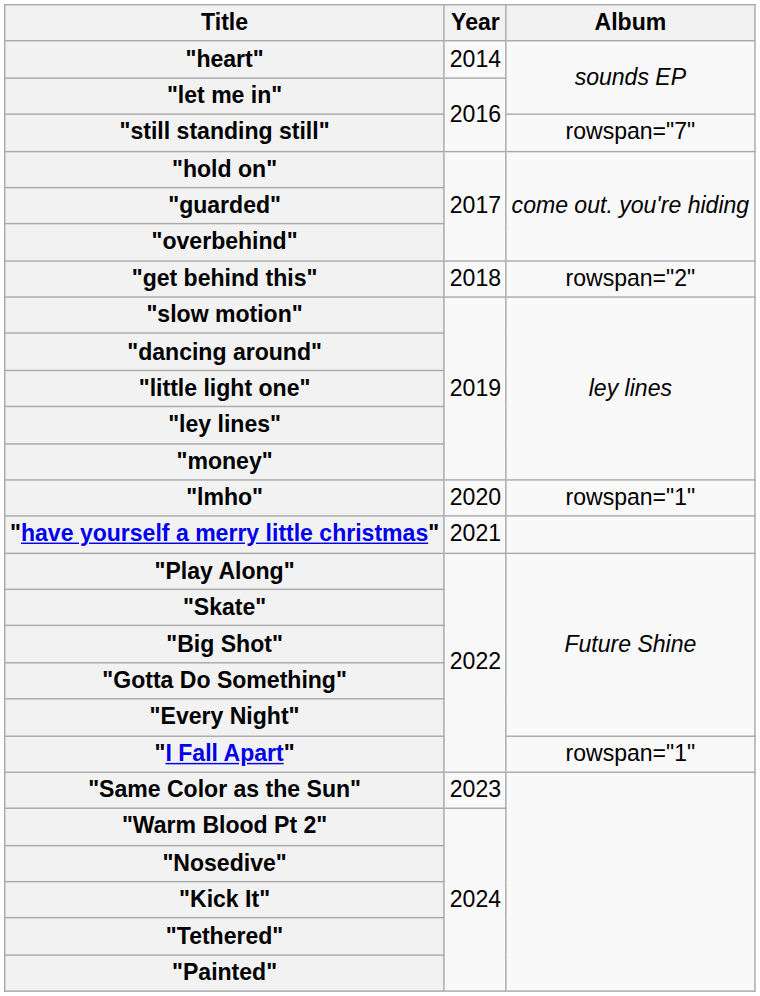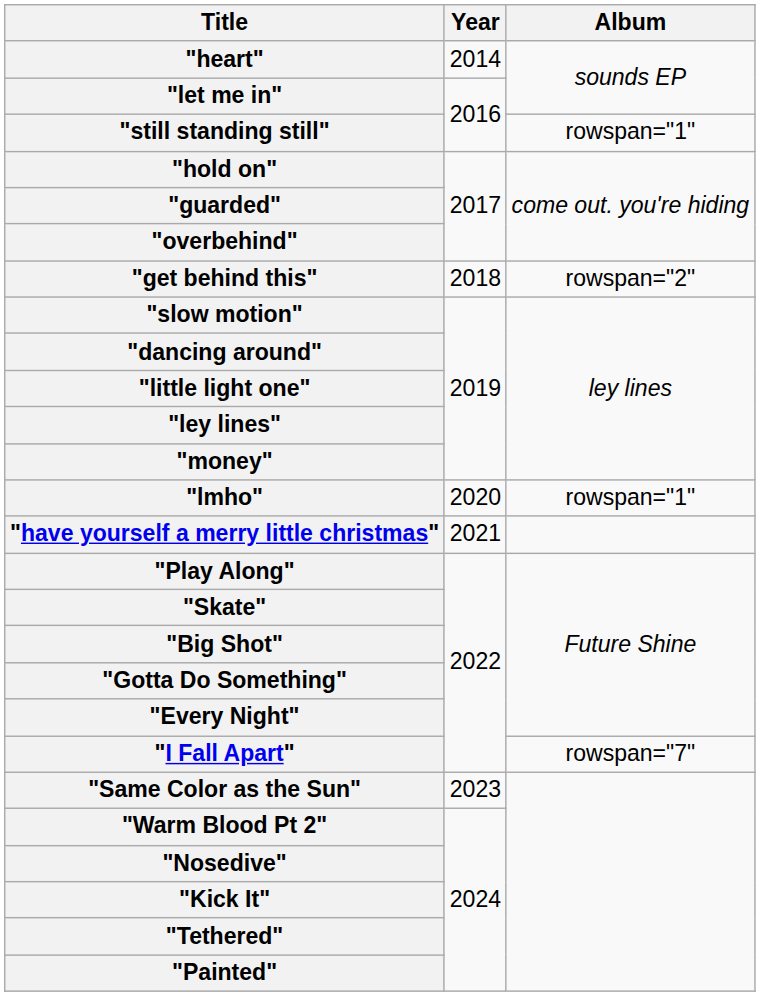 <table class="wikitable plainrowheaders" style="text-align:center;">
 <tr>
 <th scope="col">Title</th>
 <th scope="col">Year</th>
 <th scope="col">Album</th>
 </tr>
 <tr>
 <th scope="row">"heart"</th>
 <td scope="row">2014</td>
 <td rowspan="2"><em>sounds EP</em></td>
 </tr>
 <tr>
 <th scope="row">"let me in"</th>
 <td rowspan="2">2016</td>
 </tr>
 <tr>
 <th scope="row">"still standing still" </th>
-<td>rowspan="7" </td>
+<td>rowspan="1" </td>
 </tr>
 <tr>
 <th scope="row">"hold on"</th>
 <td rowspan="3">2017</td>
 <td rowspan="3"><em>come out. you're hiding</em></td>
 </tr>
 <tr>
 <th scope="row">"guarded"</th>
 </tr>
 <tr>
 <th scope="row">"overbehind"</th>
 </tr>
 <tr>
 <th scope="row">"get behind this" </th>
 <td rowspan="1">2018</td>
 <td>rowspan="2" </td>
 </tr>
 <tr>
 <th scope="row">"slow motion"</th>
 <td rowspan="5">2019</td>
 <td rowspan="5"><em>ley lines</em></td>
 </tr>
 <tr>
 <th scope="row">"dancing around"</th>
 </tr>
 <tr>
 <th scope="row">"little light one"</th>
 </tr>
 <tr>
 <th scope="row">"ley lines"</th>
 </tr>
 <tr>
 <th scope="row">"money"</th>
 </tr>
 <tr>
 <th scope="row">"lmho"</th>
 <td rowspan="1">2020</td>
 <td>rowspan="1" </td>
 </tr>
 <tr>
 <th scope="row">"<a href='#'>have yourself a merry little christmas</a>"</th>
 <td rowspan="1">2021</td>
 </tr>
 <tr>
 <th scope="row">"Play Along"</th>
 <td rowspan="6">2022</td>
 <td rowspan="5"><em>Future Shine</em></td>
 </tr>
 <tr>
 <th scope="row">"Skate"</th>
 </tr>
 <tr>
 <th scope="row">"Big Shot"</th>
 </tr>
 <tr>
 <th scope="row">"Gotta Do Something"</th>
 </tr>
 <tr>
 <th scope="row">"Every Night"</th>
 </tr>
 <tr>
 <th scope="row">"<a href='#'>I Fall Apart</a>" </th>
-<td>rowspan="1" </td>
+<td>rowspan="7" </td>
 </tr>
 <tr>
 <th scope="row">"Same Color as the Sun"</th>
 <td rowspan="1">2023</td>
 </tr>
 <tr>
 <th scope="row">"Warm Blood Pt 2"</th>
 <td rowspan="5">2024</td>
 </tr>
 <tr>
 <th scope="row">"Nosedive"</th>
 </tr>
 <tr>
 <th scope="row">"Kick It"</th>
 </tr>
 <tr>
 <th scope="row">"Tethered" </th>
 </tr>
 <tr>
 <th scope="row">"Painted"</th>
 </tr>
 </table>
